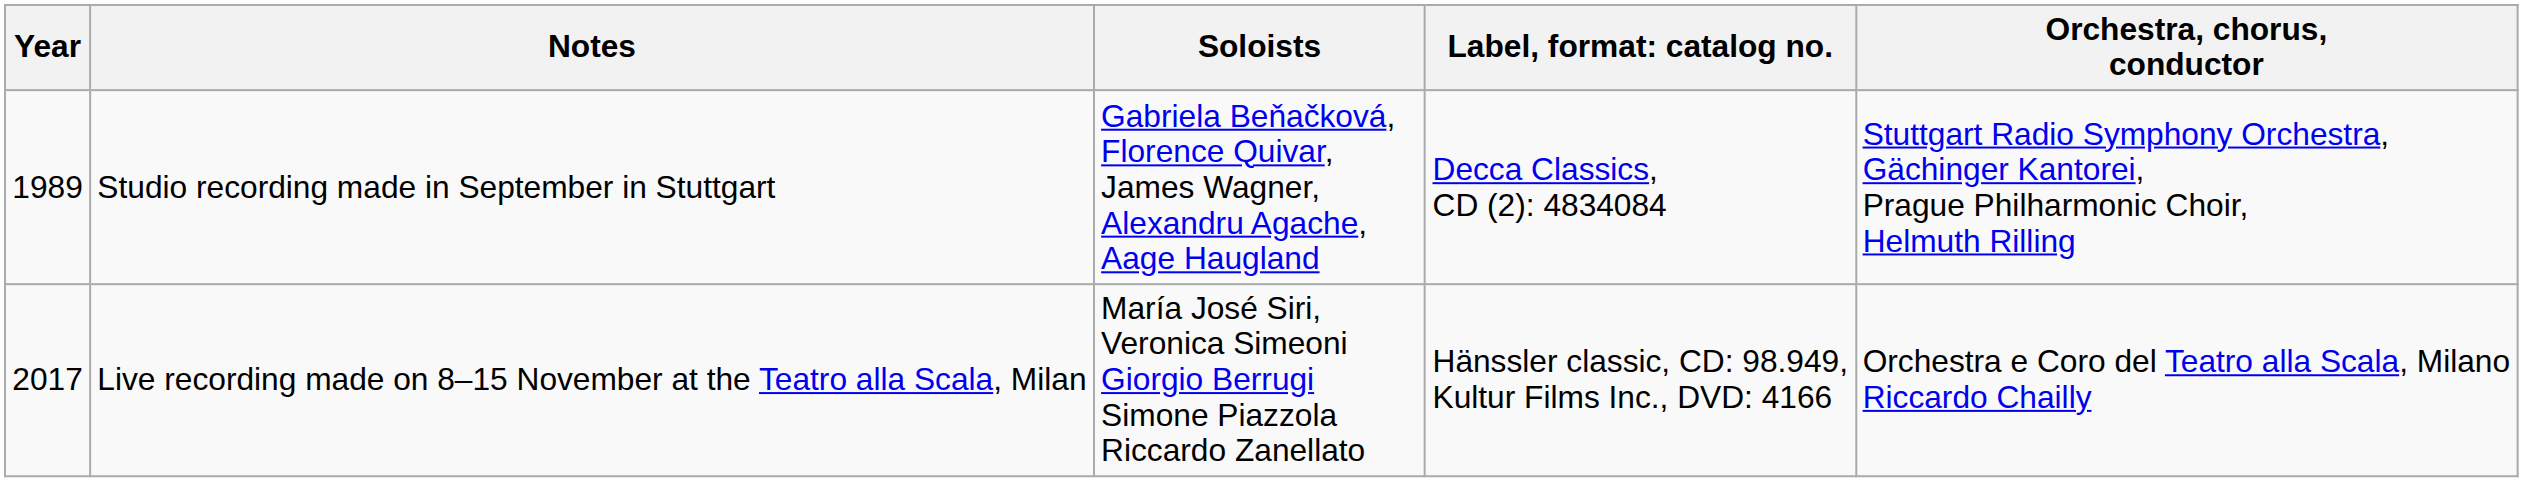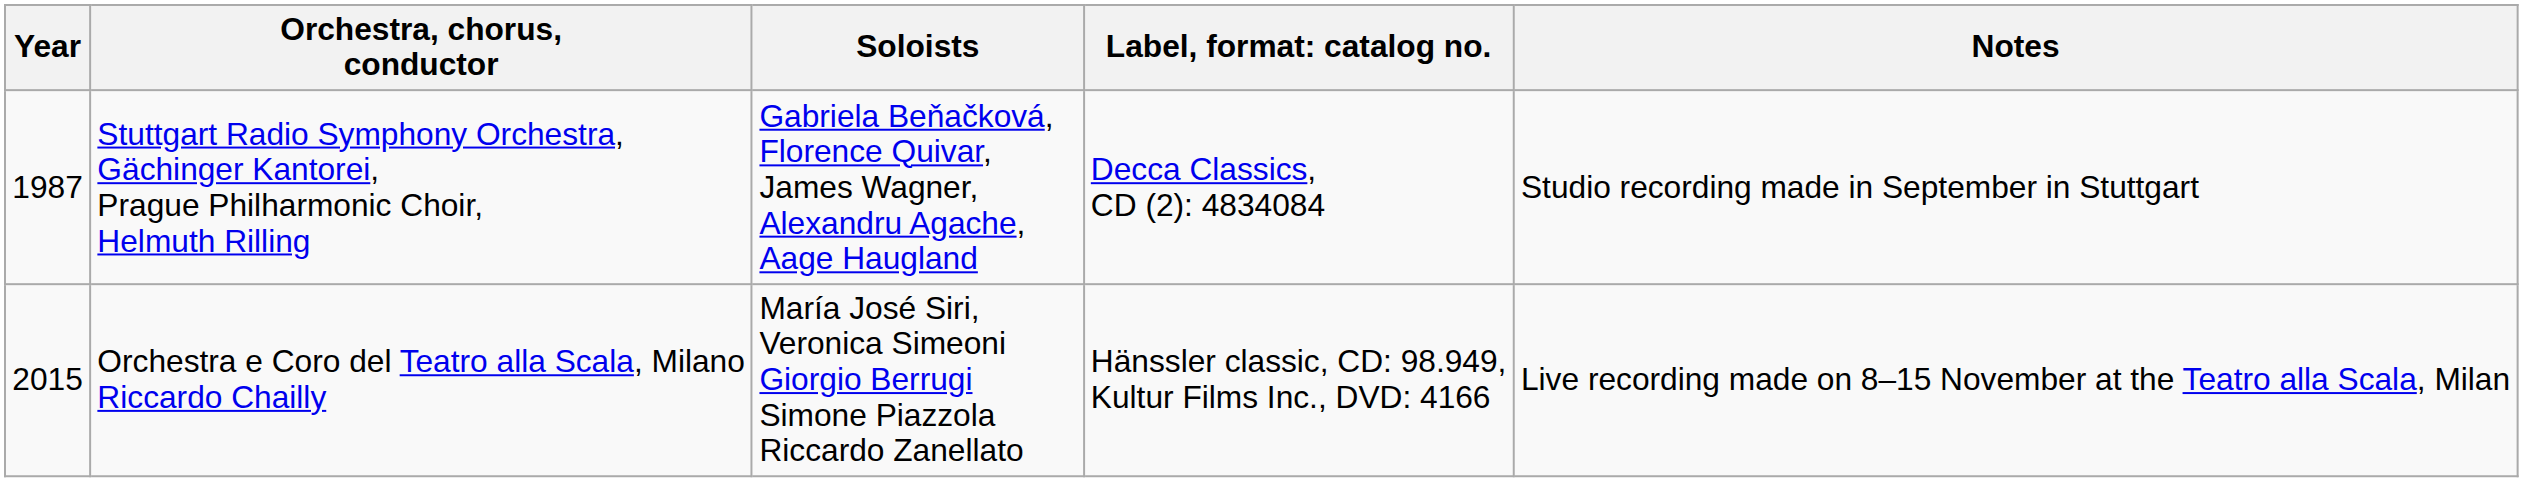 <table class="wikitable">
 <tr>
 <th>Year</th>
-<th>Notes</th>
+<th>Orchestra, chorus,<br>conductor</th>
 <th width="160">Soloists</th>
 <th>Label, format: catalog no.</th>
-<th>Orchestra, chorus,<br>conductor</th>
+<th>Notes</th>
 </tr>
 <tr>
-<td>1989</td>
-<td>Studio recording made in September in Stuttgart</td>
+<td>1987</td>
+<td><a href='#'>Stuttgart Radio Symphony Orchestra</a>,<br><a href='#'>Gächinger Kantorei</a>,<br>Prague Philharmonic Choir,<br><a href='#'>Helmuth Rilling</a></td>
 <td><a href='#'>Gabriela Beňačková</a>,<br><a href='#'>Florence Quivar</a>,<br>James Wagner,<br><a href='#'>Alexandru Agache</a>,<br><a href='#'>Aage Haugland</a></td>
 <td><a href='#'>Decca Classics</a>,<br>CD (2): 4834084</td>
-<td><a href='#'>Stuttgart Radio Symphony Orchestra</a>,<br><a href='#'>Gächinger Kantorei</a>,<br>Prague Philharmonic Choir,<br><a href='#'>Helmuth Rilling</a></td>
+<td>Studio recording made in September in Stuttgart</td>
 </tr>
 <tr>
-<td>2017</td>
-<td>Live recording made on 8–15 November at the <a href='#'>Teatro alla Scala</a>, Milan</td>
+<td>2015</td>
+<td>Orchestra e Coro del <a href='#'>Teatro alla Scala</a>, Milano<br><a href='#'>Riccardo Chailly</a></td>
 <td>María José Siri,<br>Veronica Simeoni<br><a href='#'>Giorgio Berrugi</a><br>Simone Piazzola<br>Riccardo Zanellato</td>
 <td>Hänssler classic, CD: 98.949,<br>Kultur Films Inc., DVD: 4166</td>
-<td>Orchestra e Coro del <a href='#'>Teatro alla Scala</a>, Milano<br><a href='#'>Riccardo Chailly</a></td>
+<td>Live recording made on 8–15 November at the <a href='#'>Teatro alla Scala</a>, Milan</td>
 </tr>
 </table>
